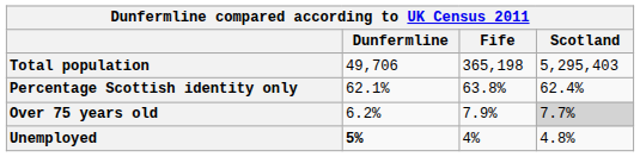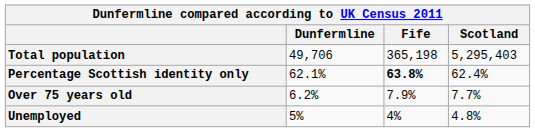 <table class="wikitable" id="toc" style="float: right; margin-left: 1em; width: 40%; font-size: 90%;" cellspacing="5">
 <tr>
 <th colspan="4"><strong>Dunfermline compared according to <a href='#'>UK Census 2011</a></strong></th>
 </tr>
 <tr>
 <th></th>
 <th style="padding:2px;">Dunfermline</th>
 <th style="padding:2px;">Fife</th>
 <th style="padding:2px;">Scotland</th>
 </tr>
 <tr>
 <th style="text-align:left;">Total population</th>
 <td>49,706</td>
 <td>365,198</td>
 <td>5,295,403</td>
 </tr>
 <tr>
 <th style="text-align:left;">Percentage Scottish identity only</th>
 <td>62.1%</td>
-<td>63.8%</td>
+<td><strong>63.8%</strong></td>
 <td>62.4%</td>
 </tr>
 <tr>
 <th style="text-align:left;">Over 75 years old</th>
 <td>6.2%</td>
 <td>7.9%</td>
-<td style="background: lightgrey;">7.7%</td>
+<td>7.7%</td>
 </tr>
 <tr>
 <th style="text-align:left;">Unemployed</th>
-<td><strong>5%</strong></td>
+<td>5%</td>
 <td>4%</td>
 <td>4.8%</td>
 </tr>
 </table>
